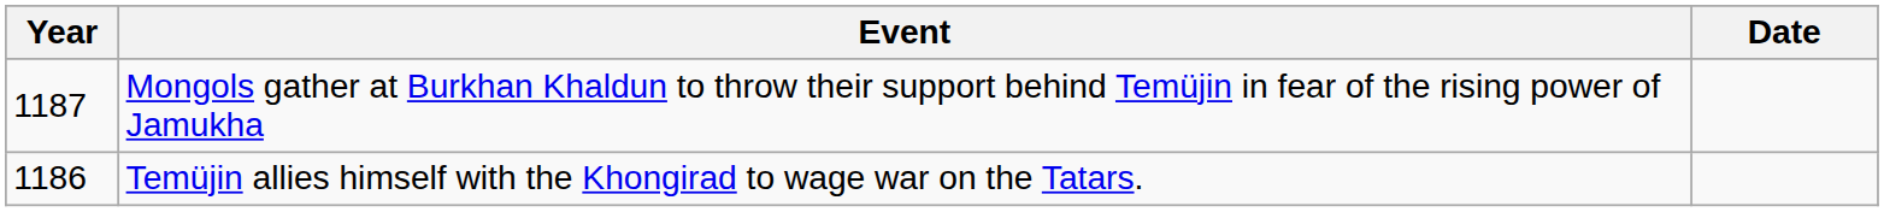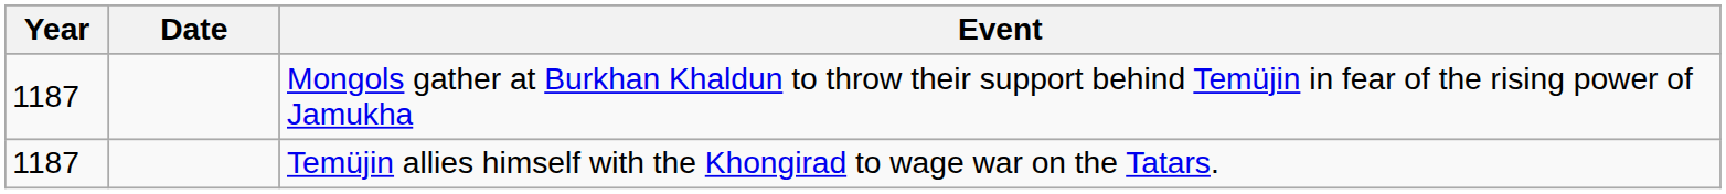 <table class="wikitable" width="100%">
 <tr>
 <th style="width:6%">Year</th>
+<th style="width:10%">Date</th>
 <th>Event</th>
-<th style="width:10%">Date</th>
 </tr>
 <tr>
 <td>1187</td>
+<td></td>
 <td><a href='#'>Mongols</a> gather at <a href='#'>Burkhan Khaldun</a> to throw their support behind <a href='#'>Temüjin</a> in fear of the rising power of <a href='#'>Jamukha</a></td>
-<td></td>
 </tr>
 <tr>
-<td>1186</td>
+<td>1187</td>
+<td></td>
 <td><a href='#'>Temüjin</a> allies himself with the <a href='#'>Khongirad</a> to wage war on the <a href='#'>Tatars</a>.</td>
-<td></td>
 </tr>
 </table>
